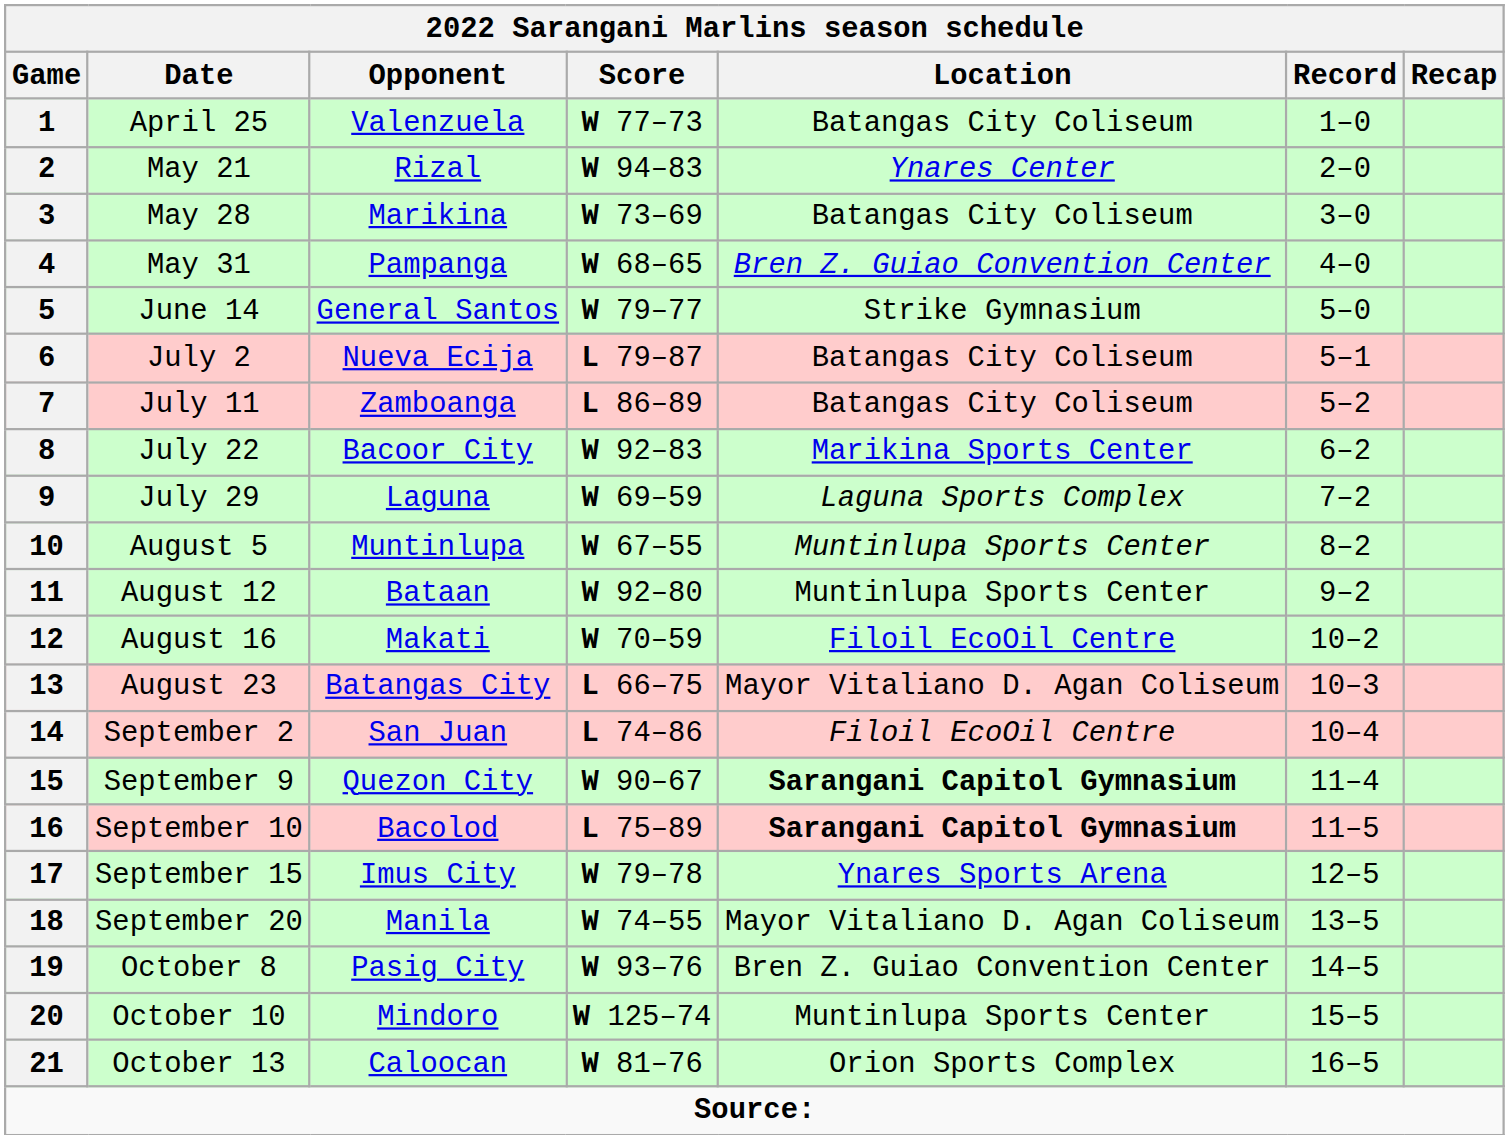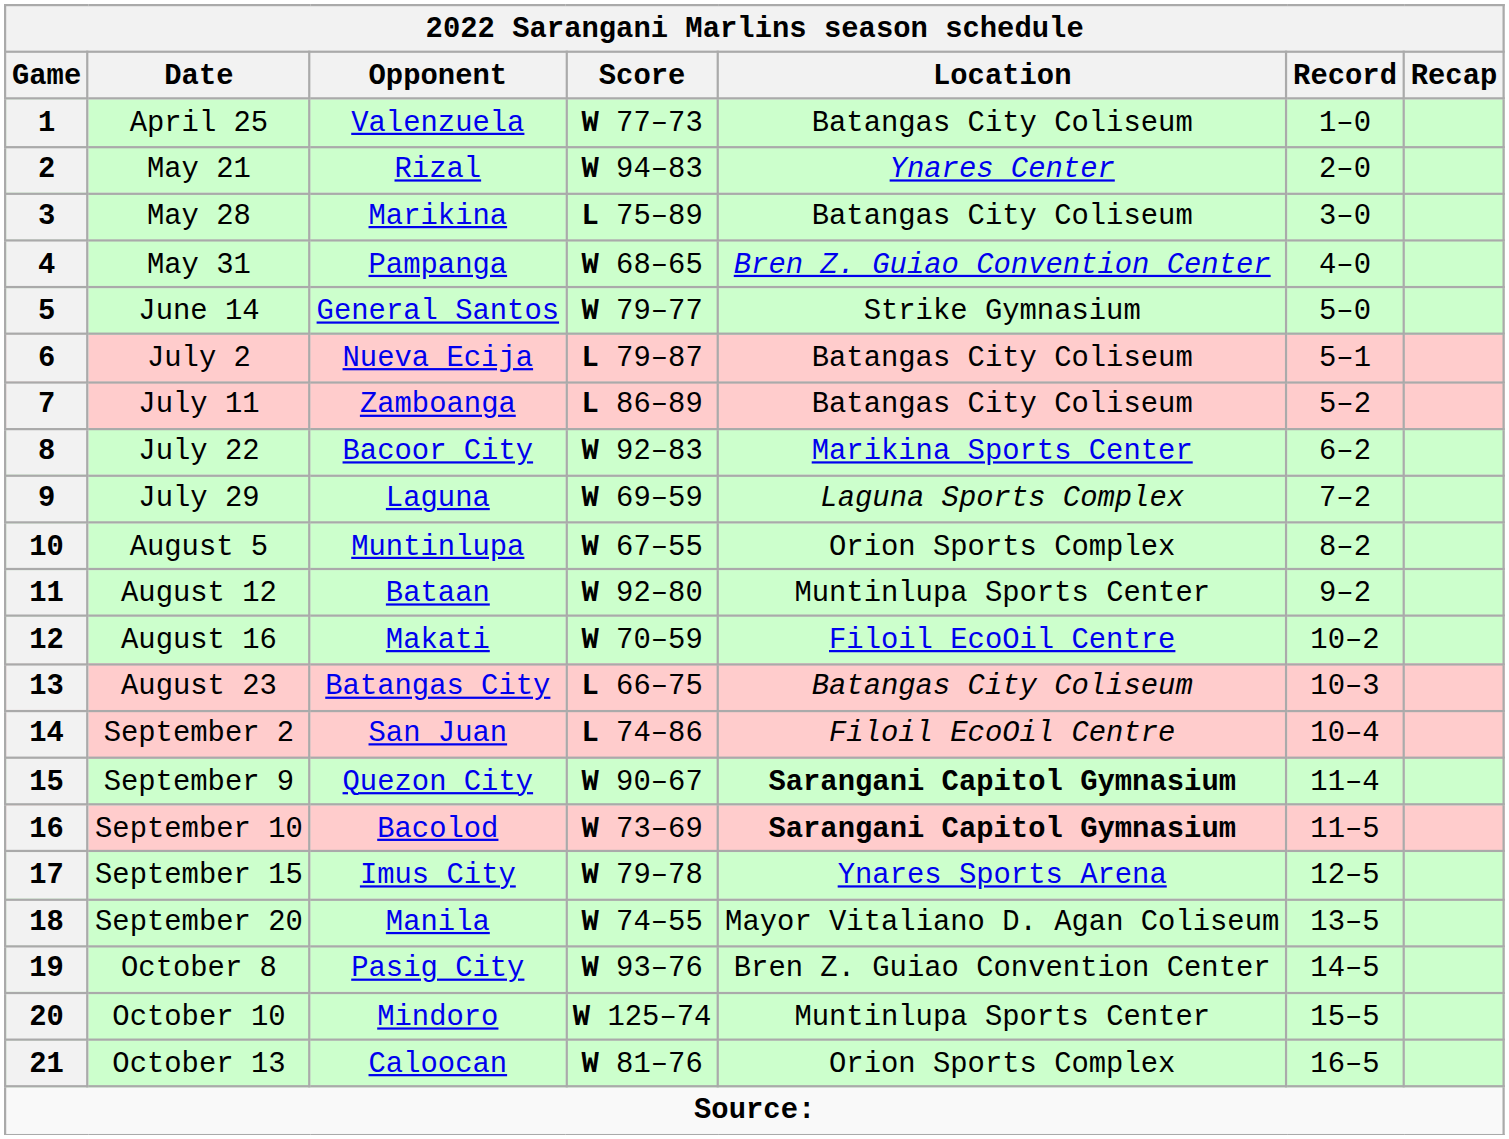 <table class="wikitable" style="text-align:center">
 <tr>
 <th colspan=7>2022 Sarangani Marlins season schedule</th>
 </tr>
 <tr>
 <th>Game</th>
 <th>Date</th>
 <th>Opponent</th>
 <th>Score</th>
 <th>Location</th>
 <th>Record</th>
 <th>Recap<br></th>
 </tr>
 <tr style="background:#cfc">
 <th>1</th>
 <td>April 25</td>
 <td><a href='#'>Valenzuela</a></td>
 <td><strong>W</strong> 77–73</td>
 <td>Batangas City Coliseum</td>
 <td>1–0</td>
 <td></td>
 </tr>
 <tr style="background:#cfc">
 <th>2</th>
 <td>May 21</td>
 <td><a href='#'>Rizal</a></td>
 <td><strong>W</strong> 94–83</td>
 <td><em><a href='#'>Ynares Center</a></em></td>
 <td>2–0</td>
 <td></td>
 </tr>
 <tr style="background:#cfc">
 <th>3</th>
 <td>May 28</td>
 <td><a href='#'>Marikina</a></td>
-<td><strong>W</strong> 73–69</td>
+<td><strong>L</strong> 75–89</td>
 <td>Batangas City Coliseum</td>
 <td>3–0</td>
 <td></td>
 </tr>
 <tr style="background:#cfc">
 <th>4</th>
 <td>May 31</td>
 <td><a href='#'>Pampanga</a></td>
 <td><strong>W</strong> 68–65</td>
 <td><em><a href='#'>Bren Z. Guiao Convention Center</a></em></td>
 <td>4–0</td>
 <td><br></td>
 </tr>
 <tr style="background:#cfc">
 <th>5</th>
 <td>June 14</td>
 <td><a href='#'>General Santos</a></td>
 <td><strong>W</strong> 79–77</td>
 <td>Strike Gymnasium</td>
 <td>5–0</td>
 <td></td>
 </tr>
 <tr style="background:#fcc">
 <th>6</th>
 <td>July 2</td>
 <td><a href='#'>Nueva Ecija</a></td>
 <td><strong>L</strong> 79–87</td>
 <td>Batangas City Coliseum</td>
 <td>5–1</td>
 <td></td>
 </tr>
 <tr style="background:#fcc">
 <th>7</th>
 <td>July 11</td>
 <td><a href='#'>Zamboanga</a></td>
 <td><strong>L</strong> 86–89</td>
 <td>Batangas City Coliseum</td>
 <td>5–2</td>
 <td></td>
 </tr>
 <tr style="background:#cfc">
 <th>8</th>
 <td>July 22</td>
 <td><a href='#'>Bacoor City</a></td>
 <td><strong>W</strong> 92–83</td>
 <td><a href='#'>Marikina Sports Center</a></td>
 <td>6–2</td>
 <td></td>
 </tr>
 <tr style="background:#cfc">
 <th>9</th>
 <td>July 29</td>
 <td><a href='#'>Laguna</a></td>
 <td><strong>W</strong> 69–59</td>
 <td><em>Laguna Sports Complex</em></td>
 <td>7–2</td>
 <td><br></td>
 </tr>
 <tr style="background:#cfc">
 <th>10</th>
 <td>August 5</td>
 <td><a href='#'>Muntinlupa</a></td>
 <td><strong>W</strong> 67–55</td>
-<td><em>Muntinlupa Sports Center</em></td>
+<td>Orion Sports Complex</td>
 <td>8–2</td>
 <td></td>
 </tr>
 <tr style="background:#cfc">
 <th>11</th>
 <td>August 12</td>
 <td><a href='#'>Bataan</a></td>
 <td><strong>W</strong> 92–80</td>
 <td>Muntinlupa Sports Center</td>
 <td>9–2</td>
 <td></td>
 </tr>
 <tr style="background:#cfc">
 <th>12</th>
 <td>August 16</td>
 <td><a href='#'>Makati</a></td>
 <td><strong>W</strong> 70–59</td>
 <td><a href='#'>Filoil EcoOil Centre</a></td>
 <td>10–2</td>
 <td></td>
 </tr>
 <tr style="background:#fcc">
 <th>13</th>
 <td>August 23</td>
 <td><a href='#'>Batangas City</a></td>
 <td><strong>L</strong> 66–75</td>
-<td>Mayor Vitaliano D. Agan Coliseum</td>
+<td><em>Batangas City Coliseum</em></td>
 <td>10–3</td>
 <td></td>
 </tr>
 <tr style="background:#fcc">
 <th>14</th>
 <td>September 2</td>
 <td><a href='#'>San Juan</a></td>
 <td><strong>L</strong> 74–86</td>
 <td><em>Filoil EcoOil Centre</em></td>
 <td>10–4</td>
 <td></td>
 </tr>
 <tr style="background:#cfc">
 <th>15</th>
 <td>September 9</td>
 <td><a href='#'>Quezon City</a></td>
 <td><strong>W</strong> 90–67</td>
 <td><strong>Sarangani Capitol Gymnasium</strong></td>
 <td>11–4</td>
 <td></td>
 </tr>
 <tr style="background:#fcc">
 <th>16</th>
 <td>September 10</td>
 <td><a href='#'>Bacolod</a></td>
-<td><strong>L</strong> 75–89</td>
+<td><strong>W</strong> 73–69</td>
 <td><strong>Sarangani Capitol Gymnasium</strong></td>
 <td>11–5</td>
 <td></td>
 </tr>
 <tr style="background:#cfc">
 <th>17</th>
 <td>September 15</td>
 <td><a href='#'>Imus City</a></td>
 <td><strong>W</strong> 79–78</td>
 <td><a href='#'>Ynares Sports Arena</a></td>
 <td>12–5</td>
 <td></td>
 </tr>
 <tr style="background:#cfc">
 <th>18</th>
 <td>September 20</td>
 <td><a href='#'>Manila</a></td>
 <td><strong>W</strong> 74–55</td>
 <td>Mayor Vitaliano D. Agan Coliseum</td>
 <td>13–5</td>
 <td></td>
 </tr>
 <tr style="background:#cfc">
 <th>19</th>
 <td>October 8</td>
 <td><a href='#'>Pasig City</a></td>
 <td><strong>W</strong> 93–76</td>
 <td>Bren Z. Guiao Convention Center</td>
 <td>14–5</td>
 <td></td>
 </tr>
 <tr style="background:#cfc">
 <th>20</th>
 <td>October 10</td>
 <td><a href='#'>Mindoro</a></td>
 <td><strong>W</strong> 125–74</td>
 <td>Muntinlupa Sports Center</td>
 <td>15–5</td>
 <td></td>
 </tr>
 <tr style="background:#cfc">
 <th>21</th>
 <td>October 13</td>
 <td><a href='#'>Caloocan</a></td>
 <td><strong>W</strong> 81–76</td>
 <td>Orion Sports Complex</td>
 <td>16–5</td>
 <td></td>
 </tr>
 <tr>
 <td colspan=7 align=center><strong>Source: </strong></td>
 </tr>
 </table>
